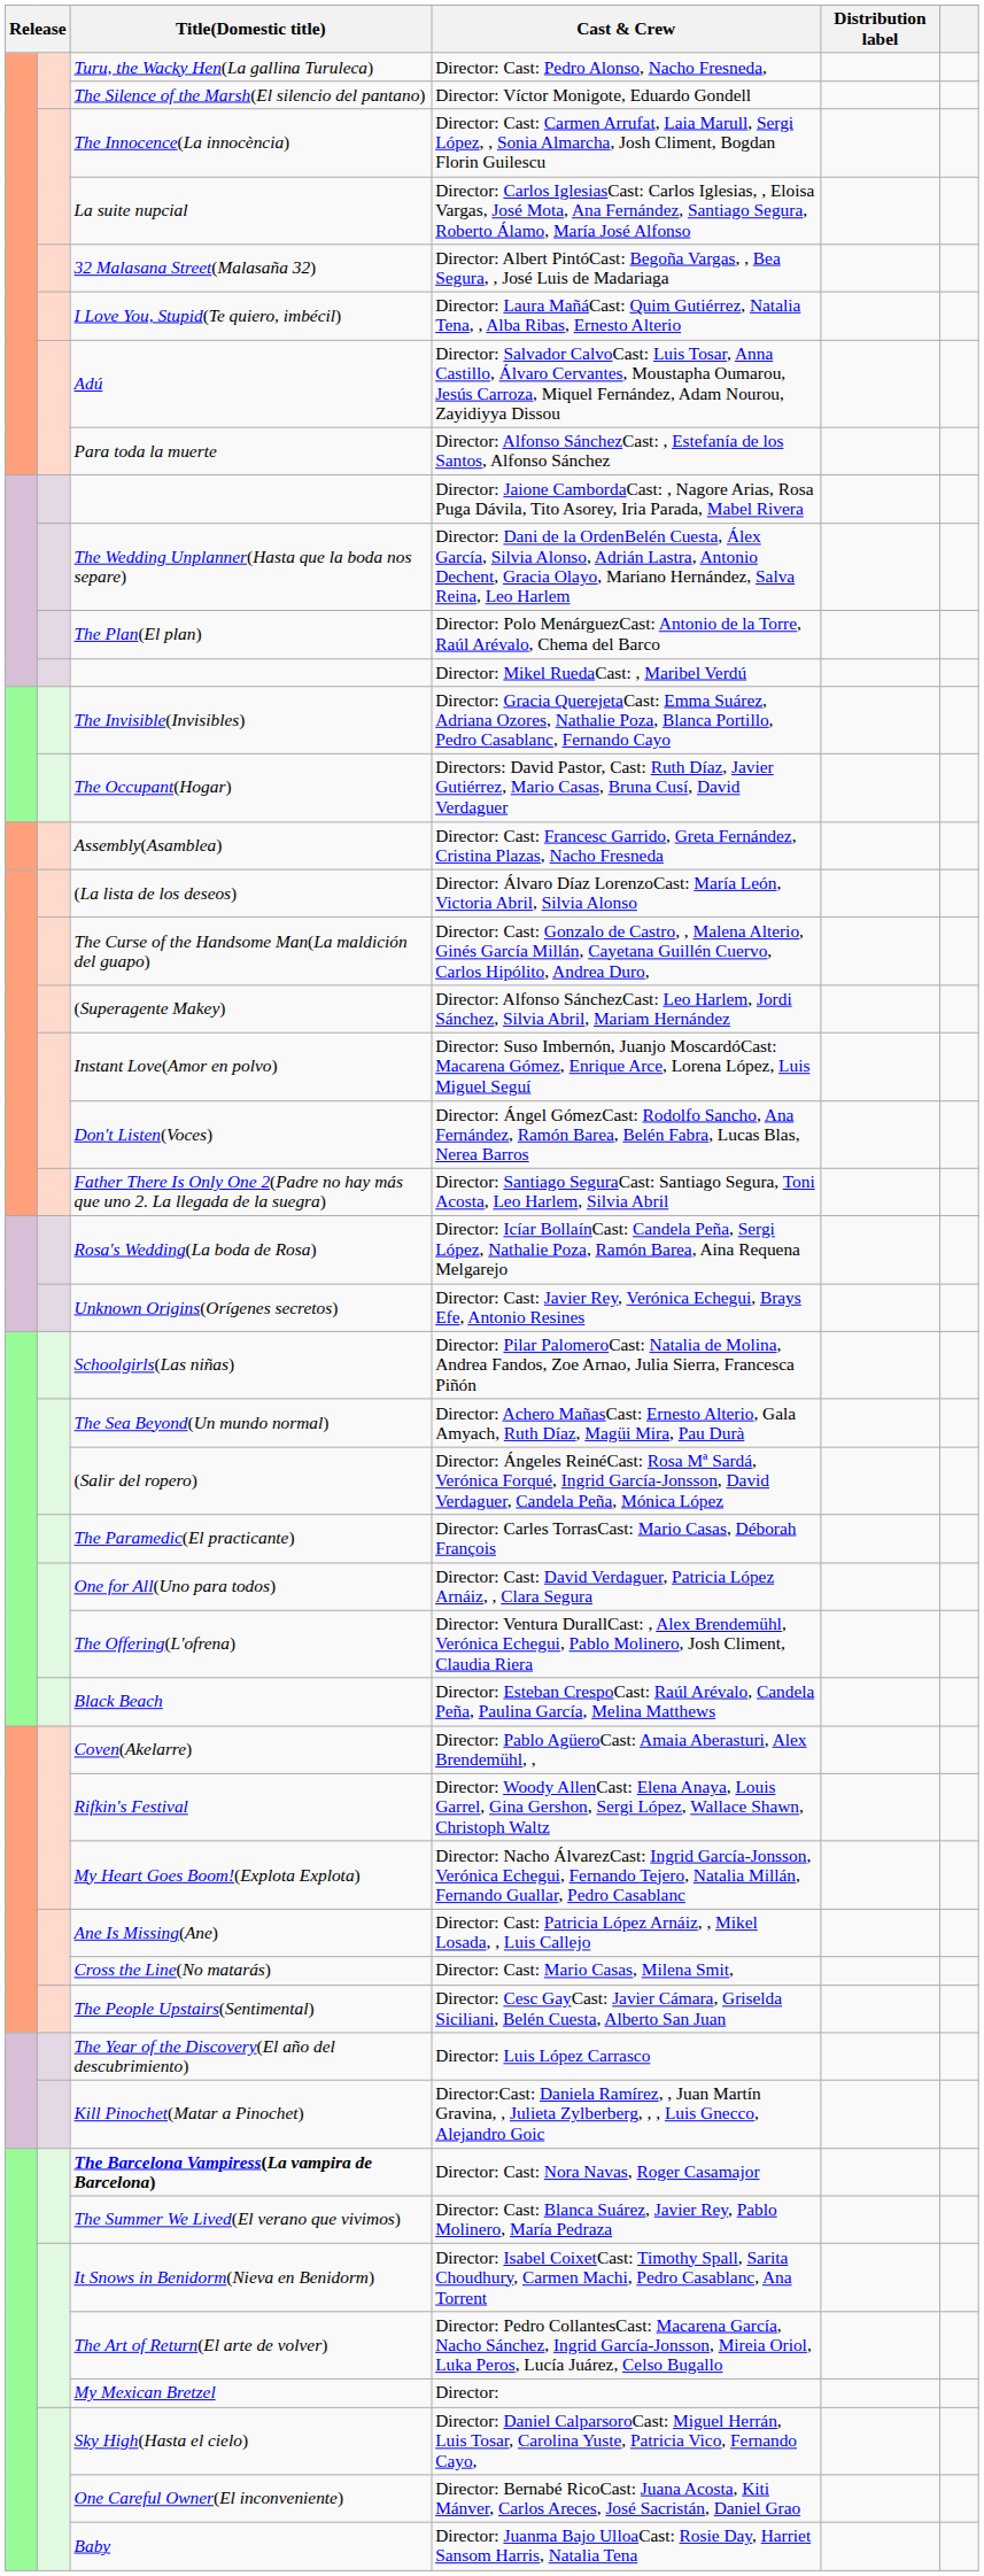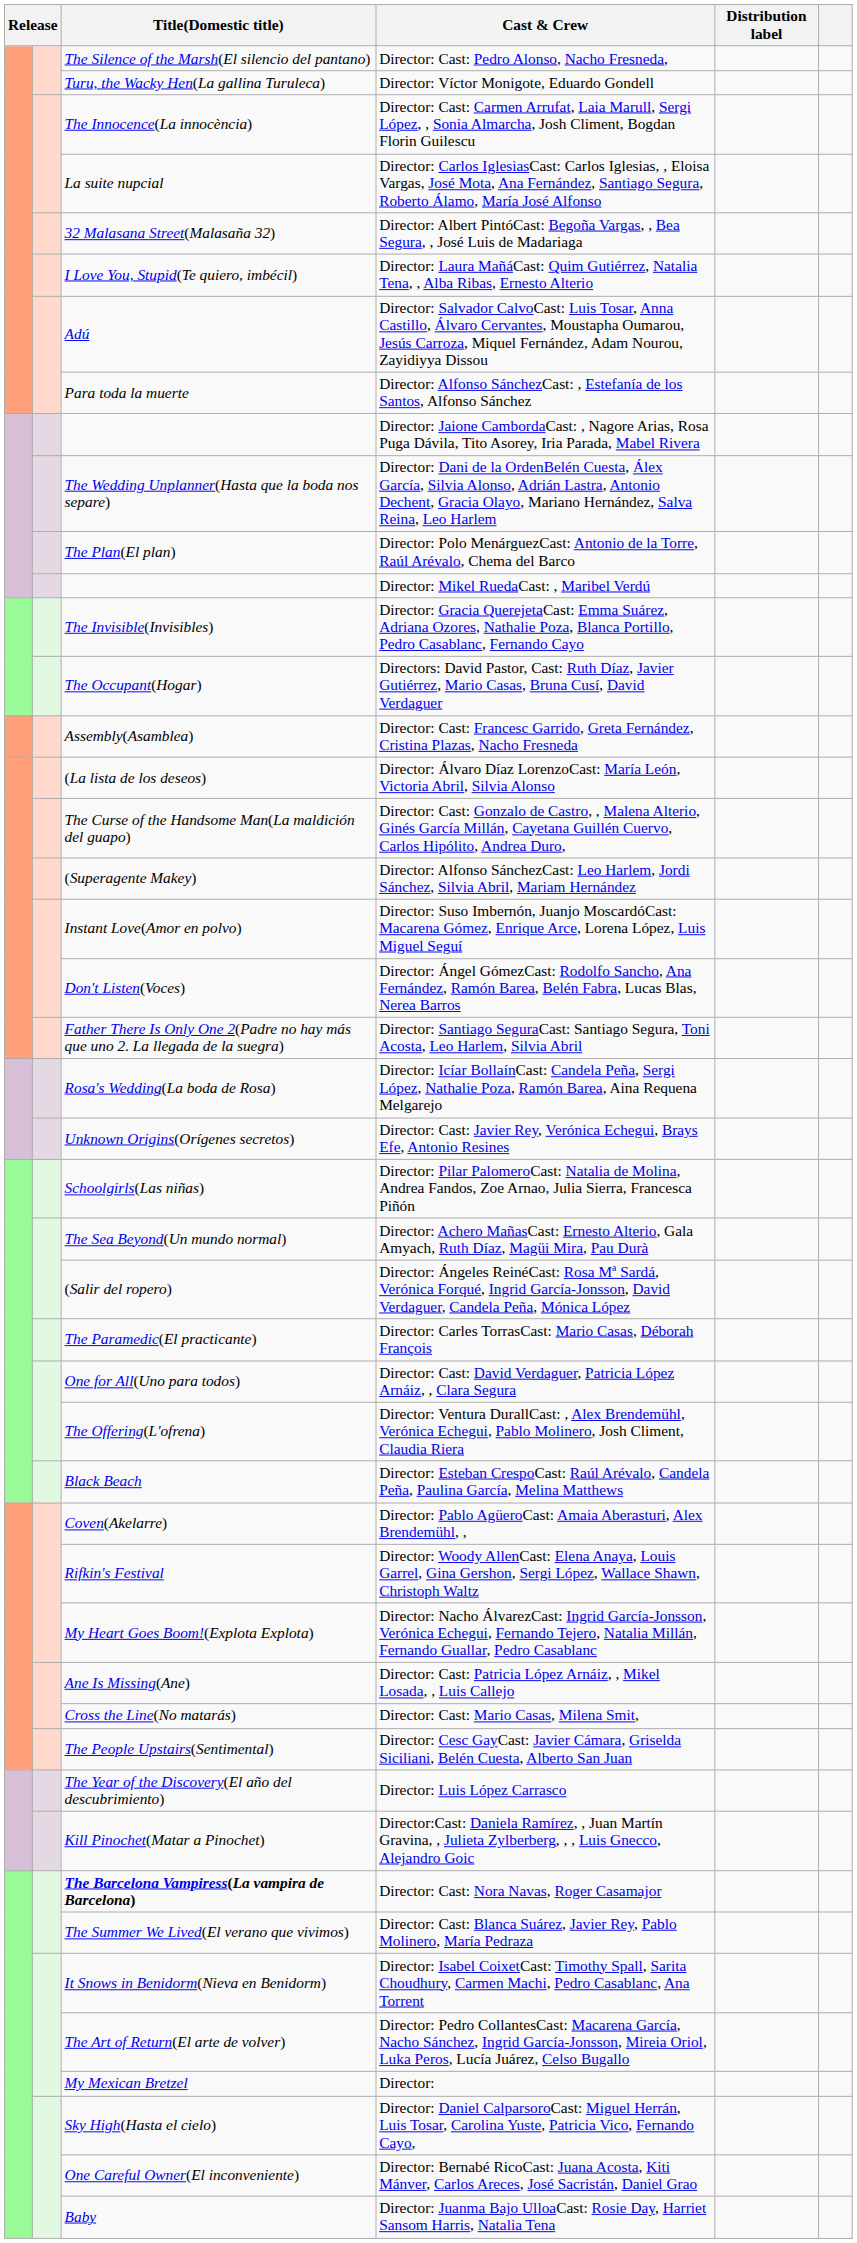 <table class="wikitable sortable" style="width:100%;">
 <tr>
 <th colspan="2" style="width:5%;">Release</th>
 <th>Title(Domestic title)</th>
 <th style="width:40%;">Cast & Crew</th>
 <th>Distribution label</th>
 <th style="width:4%;" class="unsortable"></th>
 </tr>
 <tr>
 <td rowspan = "8" bgcolor = "#ffa07a"></td>
 <td rowspan = "2" bgcolor = "#ffdacc"></td>
-<td><em><a href='#'>Turu, the Wacky Hen</a></em>(<em>La gallina Turuleca</em>)</td>
+<td><em><a href='#'>The Silence of the Marsh</a></em>(<em>El silencio del pantano</em>)</td>
 <td>Director: Cast: <a href='#'>Pedro Alonso</a>, <a href='#'>Nacho Fresneda</a>, </td>
 <td></td>
 <td></td>
 </tr>
 <tr>
-<td><em><a href='#'>The Silence of the Marsh</a></em>(<em>El silencio del pantano</em>)</td>
+<td><em><a href='#'>Turu, the Wacky Hen</a></em>(<em>La gallina Turuleca</em>)</td>
 <td>Director: Víctor Monigote, Eduardo Gondell</td>
 <td></td>
 <td></td>
 </tr>
 <tr>
 <td rowspan = "2" bgcolor = "#ffdacc"></td>
 <td><em><a href='#'>The Innocence</a></em>(<em>La innocència</em>)</td>
 <td>Director: Cast: <a href='#'>Carmen Arrufat</a>, <a href='#'>Laia Marull</a>, <a href='#'>Sergi López</a>, , <a href='#'>Sonia Almarcha</a>, Josh Climent, Bogdan Florin Guilescu</td>
 <td></td>
 <td></td>
 </tr>
 <tr>
 <td><em>La suite nupcial</em></td>
 <td>Director: <a href='#'>Carlos Iglesias</a>Cast: Carlos Iglesias, , Eloisa Vargas, <a href='#'>José Mota</a>, <a href='#'>Ana Fernández</a>, <a href='#'>Santiago Segura</a>, <a href='#'>Roberto Álamo</a>, <a href='#'>María José Alfonso</a></td>
 <td></td>
 <td></td>
 </tr>
 <tr>
 <td bgcolor = "#ffdacc"></td>
 <td><em><a href='#'>32 Malasana Street</a></em>(<em>Malasaña 32</em>)</td>
 <td>Director: Albert PintóCast: <a href='#'>Begoña Vargas</a>, , <a href='#'>Bea Segura</a>, , José Luis de Madariaga</td>
 <td></td>
 <td></td>
 </tr>
 <tr>
 <td bgcolor = "#ffdacc"></td>
 <td><em><a href='#'>I Love You, Stupid</a></em>(<em>Te quiero, imbécil</em>)</td>
 <td>Director: <a href='#'>Laura Mañá</a>Cast: <a href='#'>Quim Gutiérrez</a>, <a href='#'>Natalia Tena</a>, , <a href='#'>Alba Ribas</a>, <a href='#'>Ernesto Alterio</a></td>
 <td></td>
 <td></td>
 </tr>
 <tr>
 <td rowspan = "2" bgcolor = "#ffdacc"></td>
 <td><em><a href='#'>Adú</a></em></td>
 <td>Director: <a href='#'>Salvador Calvo</a>Cast: <a href='#'>Luis Tosar</a>, <a href='#'>Anna Castillo</a>, <a href='#'>Álvaro Cervantes</a>, Moustapha Oumarou, <a href='#'>Jesús Carroza</a>, Miquel Fernández, Adam Nourou, Zayidiyya Dissou</td>
 <td></td>
 <td></td>
 </tr>
 <tr>
 <td><em>Para toda la muerte</em></td>
 <td>Director: <a href='#'>Alfonso Sánchez</a>Cast: , <a href='#'>Estefanía de los Santos</a>, Alfonso Sánchez</td>
 <td></td>
 <td></td>
 </tr>
 <tr>
 <td rowspan = "4" bgcolor = "#d8bfd8"></td>
 <td bgcolor = "#e3d8e3"></td>
 <td><em></em></td>
 <td>Director: <a href='#'>Jaione Camborda</a>Cast: , Nagore Arias, Rosa Puga Dávila, Tito Asorey, Iria Parada, <a href='#'>Mabel Rivera</a></td>
 <td></td>
 <td></td>
 </tr>
 <tr>
 <td bgcolor = "#e3d8e3"></td>
 <td><em><a href='#'>The Wedding Unplanner</a></em>(<em>Hasta que la boda nos separe</em>)</td>
 <td>Director: <a href='#'>Dani de la Orden</a><a href='#'>Belén Cuesta</a>, <a href='#'>Álex García</a>, <a href='#'>Silvia Alonso</a>, <a href='#'>Adrián Lastra</a>, <a href='#'>Antonio Dechent</a>, <a href='#'>Gracia Olayo</a>, Mariano Hernández, <a href='#'>Salva Reina</a>, <a href='#'>Leo Harlem</a></td>
 <td></td>
 <td></td>
 </tr>
 <tr>
 <td bgcolor = "#e3d8e3"></td>
 <td><em><a href='#'>The Plan</a></em>(<em>El plan</em>)</td>
 <td>Director: Polo MenárguezCast: <a href='#'>Antonio de la Torre</a>, <a href='#'>Raúl Arévalo</a>, Chema del Barco</td>
 <td></td>
 <td></td>
 </tr>
 <tr>
 <td bgcolor = "#e3d8e3"></td>
 <td><em></em></td>
 <td>Director: <a href='#'>Mikel Rueda</a>Cast: , <a href='#'>Maribel Verdú</a></td>
 <td></td>
 <td></td>
 </tr>
 <tr>
 <td rowspan = "2" bgcolor = "#98fb98"></td>
 <td bgcolor = "#e0f9e0"></td>
 <td><em><a href='#'>The Invisible</a></em>(<em>Invisibles</em>)</td>
 <td>Director: <a href='#'>Gracia Querejeta</a>Cast: <a href='#'>Emma Suárez</a>, <a href='#'>Adriana Ozores</a>, <a href='#'>Nathalie Poza</a>, <a href='#'>Blanca Portillo</a>, <a href='#'>Pedro Casablanc</a>, <a href='#'>Fernando Cayo</a></td>
 <td></td>
 <td></td>
 </tr>
 <tr>
 <td bgcolor = "#e0f9e0"></td>
 <td><em><a href='#'>The Occupant</a></em>(<em>Hogar</em>)</td>
 <td>Directors: David Pastor, Cast: <a href='#'>Ruth Díaz</a>, <a href='#'>Javier Gutiérrez</a>, <a href='#'>Mario Casas</a>, <a href='#'>Bruna Cusí</a>, <a href='#'>David Verdaguer</a></td>
 <td></td>
 <td></td>
 </tr>
 <tr>
 <td rowspan = "1" bgcolor = "#ffa07a"></td>
 <td rowspan = "1" bgcolor = "#ffdacc"></td>
 <td><em>Assembly</em>(<em>Asamblea</em>)</td>
 <td>Director: Cast: <a href='#'>Francesc Garrido</a>, <a href='#'>Greta Fernández</a>, <a href='#'>Cristina Plazas</a>, <a href='#'>Nacho Fresneda</a></td>
 <td></td>
 <td></td>
 </tr>
 <tr>
 <td rowspan = "6" bgcolor = "#ffa07a"></td>
 <td bgcolor = "#ffdacc"></td>
 <td><em></em>(<em>La lista de los deseos</em>)</td>
 <td>Director: Álvaro Díaz LorenzoCast: <a href='#'>María León</a>, <a href='#'>Victoria Abril</a>, <a href='#'>Silvia Alonso</a></td>
 <td></td>
 <td></td>
 </tr>
 <tr>
 <td bgcolor = "#ffdacc"></td>
 <td><em>The Curse of the Handsome Man</em>(<em>La maldición del guapo</em>)</td>
 <td>Director: Cast: <a href='#'>Gonzalo de Castro</a>, , <a href='#'>Malena Alterio</a>, <a href='#'>Ginés García Millán</a>, <a href='#'>Cayetana Guillén Cuervo</a>, <a href='#'>Carlos Hipólito</a>, <a href='#'>Andrea Duro</a>, </td>
 <td></td>
 <td></td>
 </tr>
 <tr>
 <td bgcolor = "#ffdacc"></td>
 <td><em></em>(<em>Superagente Makey</em>)</td>
 <td>Director: Alfonso SánchezCast: <a href='#'>Leo Harlem</a>, <a href='#'>Jordi Sánchez</a>, <a href='#'>Silvia Abril</a>, <a href='#'>Mariam Hernández</a></td>
 <td></td>
 <td></td>
 </tr>
 <tr>
 <td rowspan = "2" bgcolor = "#ffdacc"></td>
 <td><em>Instant Love</em>(<em>Amor en polvo</em>)</td>
 <td>Director: Suso Imbernón, Juanjo MoscardóCast: <a href='#'>Macarena Gómez</a>, <a href='#'>Enrique Arce</a>, Lorena López,  <a href='#'>Luis Miguel Seguí</a></td>
 <td></td>
 <td></td>
 </tr>
 <tr>
 <td><em><a href='#'>Don't Listen</a></em>(<em>Voces</em>)</td>
 <td>Director: Ángel GómezCast: <a href='#'>Rodolfo Sancho</a>, <a href='#'>Ana Fernández</a>, <a href='#'>Ramón Barea</a>, <a href='#'>Belén Fabra</a>, Lucas Blas, <a href='#'>Nerea Barros</a></td>
 <td></td>
 <td></td>
 </tr>
 <tr>
 <td bgcolor = "#ffdacc"></td>
 <td><em><a href='#'>Father There Is Only One 2</a></em>(<em>Padre no hay más que uno 2. La llegada de la suegra</em>)</td>
 <td>Director: <a href='#'>Santiago Segura</a>Cast: Santiago Segura, <a href='#'>Toni Acosta</a>, <a href='#'>Leo Harlem</a>, <a href='#'>Silvia Abril</a></td>
 <td></td>
 <td></td>
 </tr>
 <tr>
 <td rowspan = "2" bgcolor = "#d8bfd8"></td>
 <td bgcolor = "#e3d8e3"></td>
 <td><em><a href='#'>Rosa's Wedding</a></em>(<em>La boda de Rosa</em>)</td>
 <td>Director: <a href='#'>Icíar Bollaín</a>Cast: <a href='#'>Candela Peña</a>, <a href='#'>Sergi López</a>, <a href='#'>Nathalie Poza</a>, <a href='#'>Ramón Barea</a>, Aina Requena Melgarejo</td>
 <td></td>
 <td></td>
 </tr>
 <tr>
 <td bgcolor = "#e3d8e3"></td>
 <td><em><a href='#'>Unknown Origins</a></em>(<em>Orígenes secretos</em>)</td>
 <td>Director: Cast: <a href='#'>Javier Rey</a>, <a href='#'>Verónica Echegui</a>, <a href='#'>Brays Efe</a>, <a href='#'>Antonio Resines</a></td>
 <td></td>
 <td></td>
 </tr>
 <tr>
 <td rowspan = "7" bgcolor = "#98fb98"></td>
 <td bgcolor = "#e0f9e0"></td>
 <td><em><a href='#'>Schoolgirls</a></em>(<em>Las niñas</em>)</td>
 <td>Director: <a href='#'>Pilar Palomero</a>Cast: <a href='#'>Natalia de Molina</a>, Andrea Fandos, Zoe Arnao, Julia Sierra, Francesca Piñón</td>
 <td></td>
 <td></td>
 </tr>
 <tr>
 <td rowspan = "2" bgcolor = "#e0f9e0"></td>
 <td><em><a href='#'>The Sea Beyond</a></em>(<em>Un mundo normal</em>)</td>
 <td>Director: <a href='#'>Achero Mañas</a>Cast: <a href='#'>Ernesto Alterio</a>, Gala Amyach, <a href='#'>Ruth Díaz</a>, <a href='#'>Magüi Mira</a>, <a href='#'>Pau Durà</a></td>
 <td></td>
 <td></td>
 </tr>
 <tr>
 <td><em></em>(<em>Salir del ropero</em>)</td>
 <td>Director: Ángeles ReinéCast: <a href='#'>Rosa Mª Sardá</a>, <a href='#'>Verónica Forqué</a>, <a href='#'>Ingrid García-Jonsson</a>, <a href='#'>David Verdaguer</a>, <a href='#'>Candela Peña</a>, <a href='#'>Mónica López</a></td>
 <td></td>
 <td></td>
 </tr>
 <tr>
 <td bgcolor = "#e0f9e0"></td>
 <td><em><a href='#'>The Paramedic</a></em>(<em>El practicante</em>)</td>
 <td>Director: Carles TorrasCast: <a href='#'>Mario Casas</a>, <a href='#'>Déborah François</a></td>
 <td></td>
 <td></td>
 </tr>
 <tr>
 <td rowspan = "2" bgcolor = "#e0f9e0"></td>
 <td><em><a href='#'>One for All</a></em>(<em>Uno para todos</em>)</td>
 <td>Director: Cast: <a href='#'>David Verdaguer</a>, <a href='#'>Patricia López Arnáiz</a>, , <a href='#'>Clara Segura</a></td>
 <td></td>
 <td></td>
 </tr>
 <tr>
 <td><em><a href='#'>The Offering</a></em>(<em>L'ofrena</em>)</td>
 <td>Director: Ventura DurallCast: , <a href='#'>Alex Brendemühl</a>, <a href='#'>Verónica Echegui</a>, <a href='#'>Pablo Molinero</a>, Josh Climent, <a href='#'>Claudia Riera</a></td>
 <td></td>
 <td></td>
 </tr>
 <tr>
 <td bgcolor = "#e0f9e0"></td>
 <td><em><a href='#'>Black Beach</a></em></td>
 <td>Director: <a href='#'>Esteban Crespo</a>Cast: <a href='#'>Raúl Arévalo</a>, <a href='#'>Candela Peña</a>, <a href='#'>Paulina García</a>, <a href='#'>Melina Matthews</a></td>
 <td></td>
 <td></td>
 </tr>
 <tr>
 <td rowspan = "6" bgcolor = "#ffa07a"></td>
 <td rowspan = "3" bgcolor = "#ffdacc"></td>
 <td><a href='#'><em>Coven</em></a>(<em>Akelarre</em>)</td>
 <td>Director: <a href='#'>Pablo Agüero</a>Cast: <a href='#'>Amaia Aberasturi</a>, <a href='#'>Alex Brendemühl</a>, , </td>
 <td></td>
 <td></td>
 </tr>
 <tr>
 <td><em><a href='#'>Rifkin's Festival</a></em></td>
 <td>Director: <a href='#'>Woody Allen</a>Cast: <a href='#'>Elena Anaya</a>, <a href='#'>Louis Garrel</a>, <a href='#'>Gina Gershon</a>, <a href='#'>Sergi López</a>, <a href='#'>Wallace Shawn</a>, <a href='#'>Christoph Waltz</a></td>
 <td></td>
 <td></td>
 </tr>
 <tr>
 <td><em><a href='#'>My Heart Goes Boom!</a></em>(<em>Explota Explota</em>)</td>
 <td>Director: Nacho ÁlvarezCast: <a href='#'>Ingrid García-Jonsson</a>, <a href='#'>Verónica Echegui</a>, <a href='#'>Fernando Tejero</a>, <a href='#'>Natalia Millán</a>, <a href='#'>Fernando Guallar</a>, <a href='#'>Pedro Casablanc</a></td>
 <td></td>
 <td></td>
 </tr>
 <tr>
 <td rowspan = "2" bgcolor = "#ffdacc"></td>
 <td><em><a href='#'>Ane Is Missing</a></em>(<em>Ane</em>)</td>
 <td>Director: Cast: <a href='#'>Patricia López Arnáiz</a>, , <a href='#'>Mikel Losada</a>, , <a href='#'>Luis Callejo</a></td>
 <td></td>
 <td></td>
 </tr>
 <tr>
 <td><em><a href='#'>Cross the Line</a></em>(<em>No matarás</em>)</td>
 <td>Director: Cast: <a href='#'>Mario Casas</a>, <a href='#'>Milena Smit</a>, </td>
 <td></td>
 <td></td>
 </tr>
 <tr>
 <td bgcolor = "#ffdacc"></td>
 <td><em><a href='#'>The People Upstairs</a></em>(<em>Sentimental</em>)</td>
 <td>Director: <a href='#'>Cesc Gay</a>Cast: <a href='#'>Javier Cámara</a>, <a href='#'>Griselda Siciliani</a>, <a href='#'>Belén Cuesta</a>, <a href='#'>Alberto San Juan</a></td>
 <td></td>
 <td></td>
 </tr>
 <tr>
 <td rowspan = "2" bgcolor = "#d8bfd8"></td>
 <td bgcolor = "#e3d8e3"></td>
 <td><em><a href='#'>The Year of the Discovery</a></em>(<em>El año del descubrimiento</em>)</td>
 <td>Director: <a href='#'>Luis López Carrasco</a></td>
 <td></td>
 <td></td>
 </tr>
 <tr>
 <td bgcolor = "#e3d8e3"></td>
 <td><em><a href='#'>Kill Pinochet</a></em>(<em>Matar a Pinochet</em>)</td>
 <td>Director:Cast: <a href='#'>Daniela Ramírez</a>, , Juan Martín Gravina, , <a href='#'>Julieta Zylberberg</a>, , , <a href='#'>Luis Gnecco</a>, <a href='#'>Alejandro Goic</a></td>
 <td></td>
 <td></td>
 </tr>
 <tr>
 <td rowspan = "8" bgcolor = "#98fb98"></td>
 <td rowspan = "2"  bgcolor = "#e0f9e0"></td>
 <td><strong><em><a href='#'>The Barcelona Vampiress</a></em>(<em>La vampira de Barcelona</em>)</strong></td>
 <td>Director: Cast: <a href='#'>Nora Navas</a>, <a href='#'>Roger Casamajor</a></td>
 <td></td>
 <td></td>
 </tr>
 <tr>
 <td><em><a href='#'>The Summer We Lived</a></em>(<em>El verano que vivimos</em>)</td>
 <td>Director: Cast: <a href='#'>Blanca Suárez</a>, <a href='#'>Javier Rey</a>, <a href='#'>Pablo Molinero</a>, <a href='#'>María Pedraza</a></td>
 <td></td>
 <td></td>
 </tr>
 <tr>
 <td rowspan = "3" bgcolor = "#e0f9e0"></td>
 <td><em><a href='#'>It Snows in Benidorm</a></em>(<em>Nieva en Benidorm</em>)</td>
 <td>Director: <a href='#'>Isabel Coixet</a>Cast: <a href='#'>Timothy Spall</a>, <a href='#'>Sarita Choudhury</a>, <a href='#'>Carmen Machi</a>, <a href='#'>Pedro Casablanc</a>, <a href='#'>Ana Torrent</a></td>
 <td></td>
 <td></td>
 </tr>
 <tr>
 <td><em><a href='#'>The Art of Return</a></em>(<em>El arte de volver</em>)</td>
 <td>Director: Pedro CollantesCast: <a href='#'>Macarena García</a>, <a href='#'>Nacho Sánchez</a>, <a href='#'>Ingrid García-Jonsson</a>, <a href='#'>Mireia Oriol</a>, <a href='#'>Luka Peros</a>, Lucía Juárez, <a href='#'>Celso Bugallo</a></td>
 <td></td>
 <td></td>
 </tr>
 <tr>
 <td><em><a href='#'>My Mexican Bretzel</a></em></td>
 <td>Director: </td>
 <td></td>
 <td></td>
 </tr>
 <tr>
 <td rowspan = "3" bgcolor = "#e0f9e0"></td>
 <td><em><a href='#'>Sky High</a></em>(<em>Hasta el cielo</em>)</td>
 <td>Director: <a href='#'>Daniel Calparsoro</a>Cast: <a href='#'>Miguel Herrán</a>, <a href='#'>Luis Tosar</a>, <a href='#'>Carolina Yuste</a>, <a href='#'>Patricia Vico</a>, <a href='#'>Fernando Cayo</a>, </td>
 <td></td>
 <td></td>
 </tr>
 <tr>
 <td><em><a href='#'>One Careful Owner</a></em>(<em>El inconveniente</em>)</td>
 <td>Director: Bernabé RicoCast: <a href='#'>Juana Acosta</a>, <a href='#'>Kiti Mánver</a>, <a href='#'>Carlos Areces</a>, <a href='#'>José Sacristán</a>, <a href='#'>Daniel Grao</a></td>
 <td></td>
 <td></td>
 </tr>
 <tr>
 <td><em><a href='#'>Baby</a></em></td>
 <td>Director: <a href='#'>Juanma Bajo Ulloa</a>Cast: <a href='#'>Rosie Day</a>, <a href='#'>Harriet Sansom Harris</a>, <a href='#'>Natalia Tena</a></td>
 <td></td>
 <td></td>
 </tr>
 </table>
